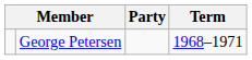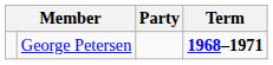 <table class="wikitable">
 <tr>
 <th colspan="2">Member</th>
 <th>Party</th>
 <th>Term</th>
 </tr>
 <tr>
 <td> </td>
 <td><a href='#'>George Petersen</a></td>
 <td></td>
-<td><a href='#'>1968</a>–1971</td>
+<td><strong><a href='#'>1968</a>–1971</strong></td>
 </tr>
 </table>
